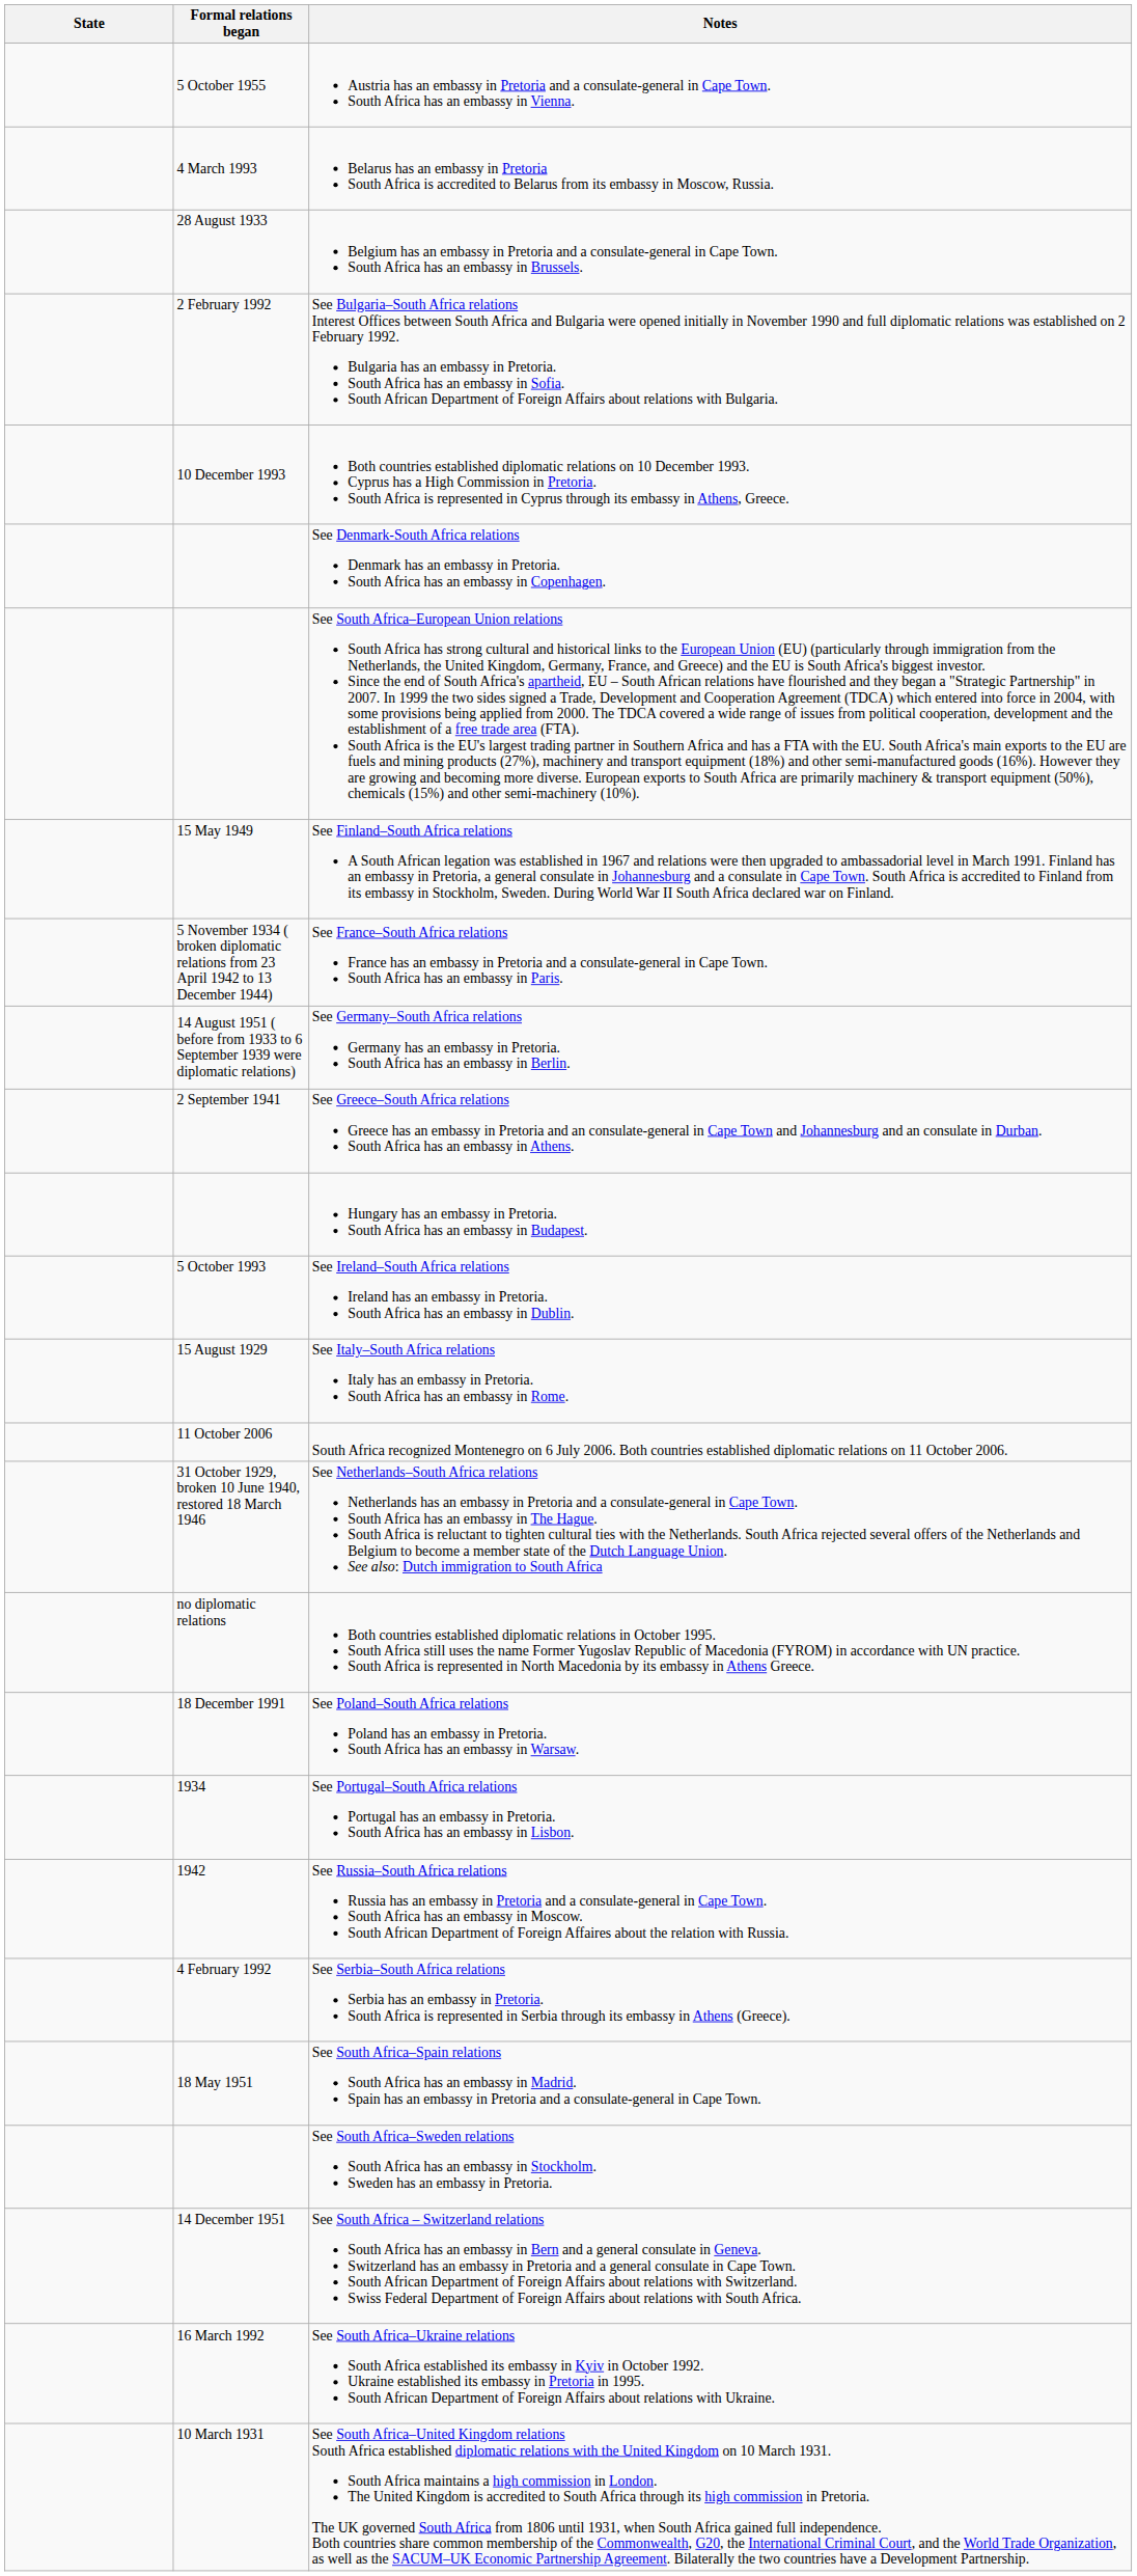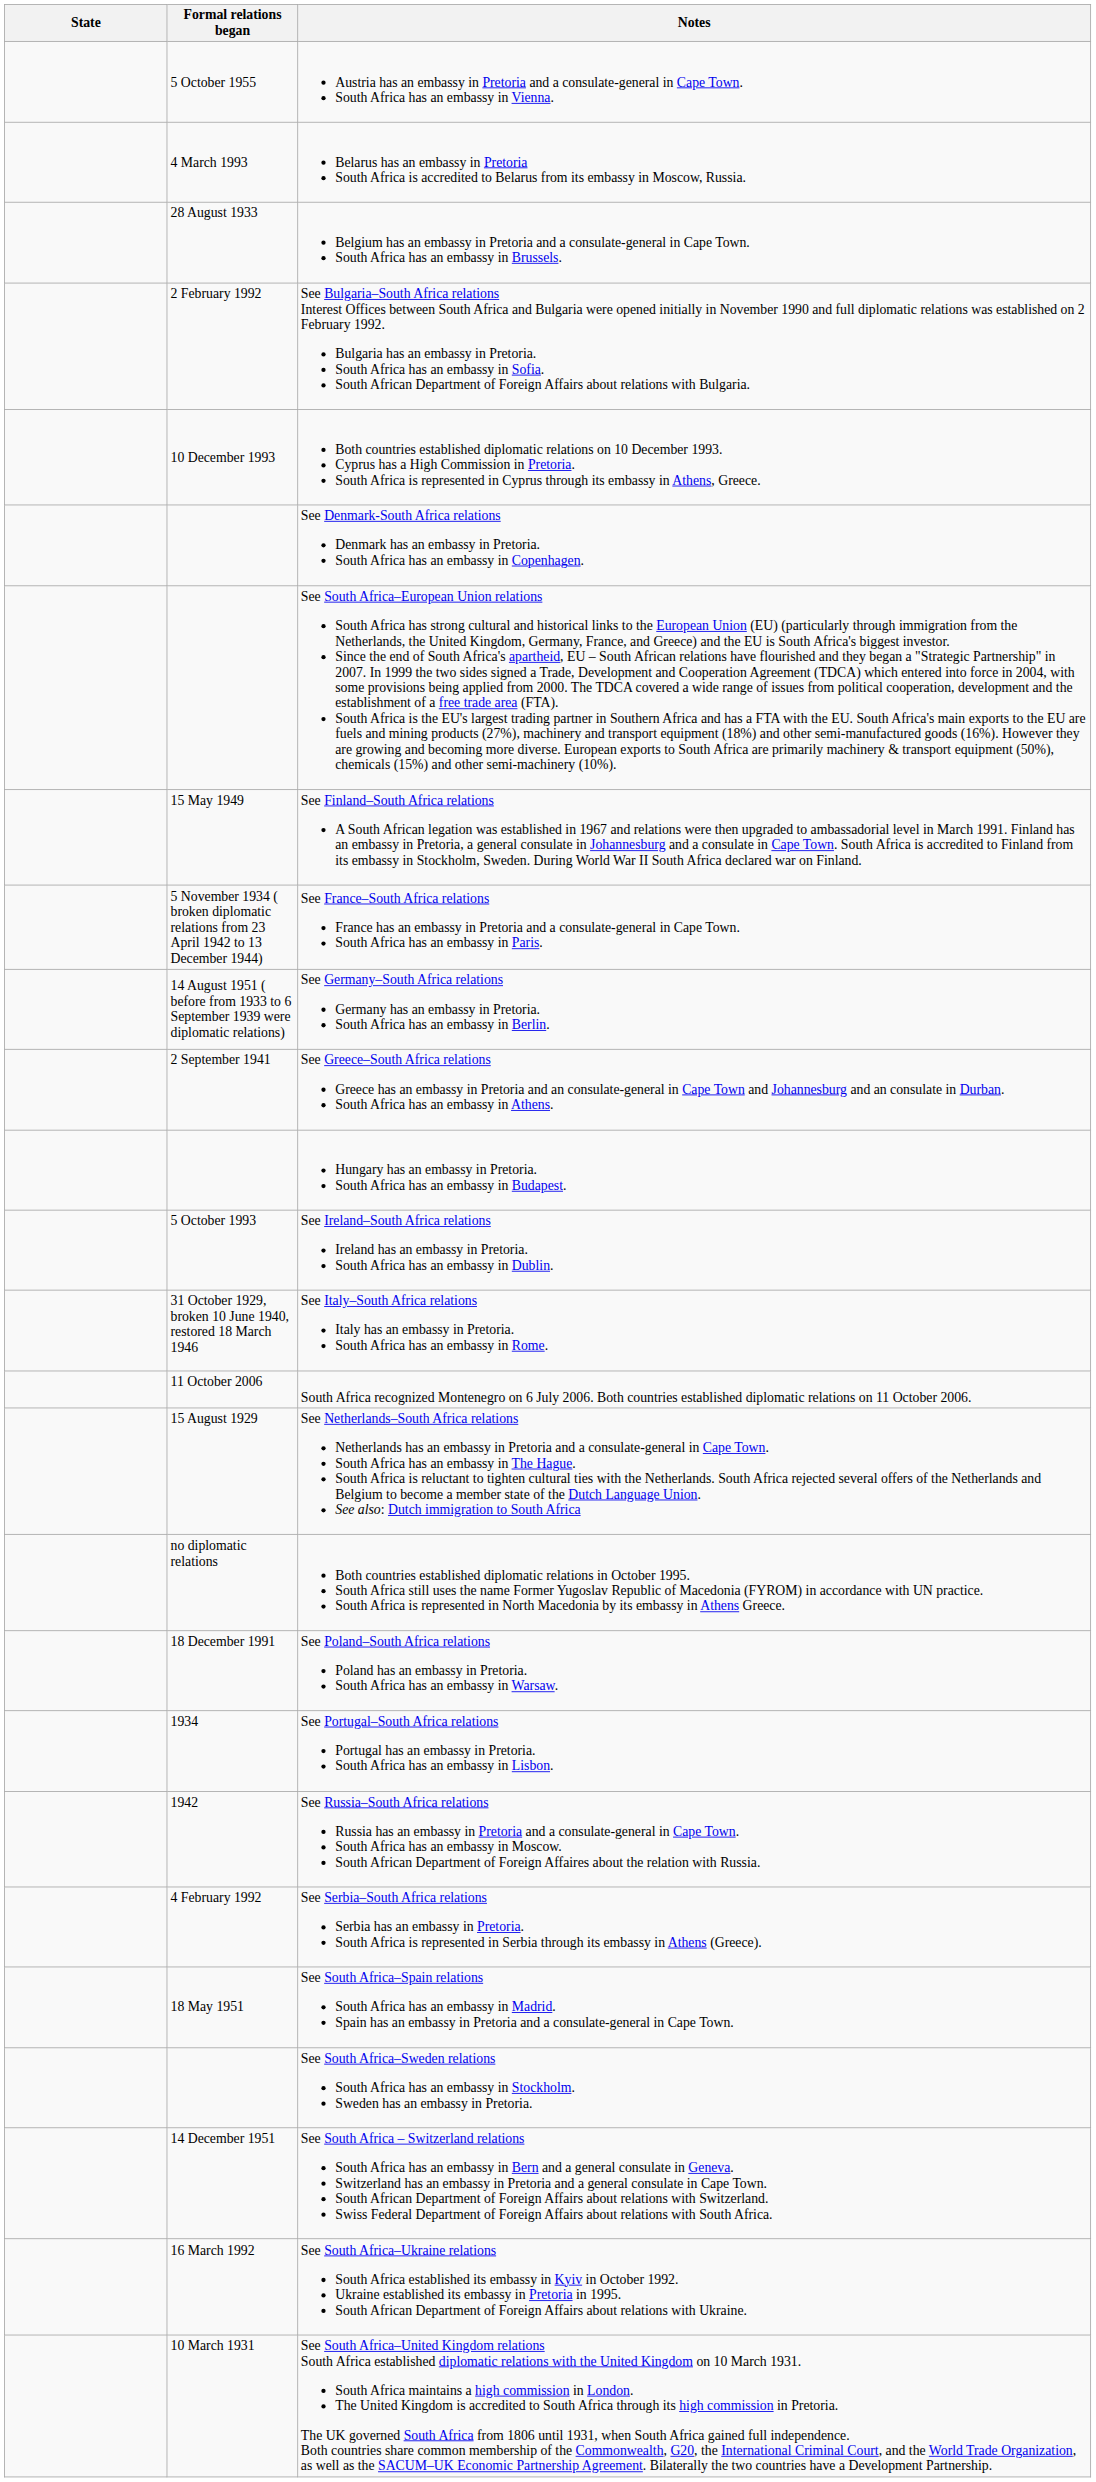 <table class="wikitable sortable" style="width:100%; margin:auto;">
 <tr>
 <th style="width:15%;">State</th>
 <th style="width:12%;">Formal relations began</th>
 <th>Notes</th>
 </tr>
 <tr -valign="top">
 <td></td>
 <td>5 October 1955</td>
 <td><br><ul><li>Austria has an embassy in <a href='#'>Pretoria</a> and a consulate-general in <a href='#'>Cape Town</a>.</li><li>South Africa has an embassy in <a href='#'>Vienna</a>.</li></ul></td>
 </tr>
 <tr -valign="top">
 <td></td>
 <td>4 March 1993</td>
 <td><br><ul><li>Belarus has an embassy in <a href='#'>Pretoria</a></li><li>South Africa is accredited to Belarus from its embassy in Moscow, Russia.</li></ul></td>
 </tr>
 <tr valign="top">
 <td></td>
 <td>28 August 1933</td>
 <td><br><ul><li>Belgium has an embassy in Pretoria and a consulate-general in Cape Town.</li><li>South Africa has an embassy in <a href='#'>Brussels</a>.</li></ul></td>
 </tr>
 <tr valign="top">
 <td></td>
 <td>2 February 1992</td>
 <td>See <a href='#'>Bulgaria–South Africa relations</a><br>Interest Offices between South Africa and Bulgaria were opened initially in November 1990 and full diplomatic relations was established on 2 February 1992.<ul><li>Bulgaria has an embassy in Pretoria.</li><li>South Africa has an embassy in <a href='#'>Sofia</a>.</li><li>South African Department of Foreign Affairs about relations with Bulgaria.</li></ul></td>
 </tr>
 <tr -valign="top">
 <td></td>
 <td> 10 December 1993</td>
 <td><br><ul><li>Both countries established diplomatic relations on 10 December 1993.</li><li>Cyprus has a High Commission in <a href='#'>Pretoria</a>.</li><li>South Africa is represented in Cyprus through its embassy in <a href='#'>Athens</a>, Greece.</li></ul></td>
 </tr>
 <tr valign="top">
 <td></td>
 <td></td>
 <td>See <a href='#'>Denmark-South Africa relations</a><br><ul><li>Denmark has an embassy in Pretoria.</li><li>South Africa has an embassy in <a href='#'>Copenhagen</a>.</li></ul></td>
 </tr>
 <tr valign="top">
 <td></td>
 <td></td>
 <td>See <a href='#'>South Africa–European Union relations</a><br><ul><li>South Africa has strong cultural and historical links to the <a href='#'>European Union</a> (EU) (particularly through immigration from the Netherlands, the United Kingdom, Germany, France, and Greece) and the EU is South Africa's biggest investor.</li><li>Since the end of South Africa's <a href='#'>apartheid</a>, EU – South African relations have flourished and they began a "Strategic Partnership" in 2007. In 1999 the two sides signed a Trade, Development and Cooperation Agreement (TDCA) which entered into force in 2004, with some provisions being applied from 2000. The TDCA covered a wide range of issues from political cooperation, development and the establishment of a <a href='#'>free trade area</a> (FTA).</li><li>South Africa is the EU's largest trading partner in Southern Africa and has a FTA with the EU. South Africa's main exports to the EU are fuels and mining products (27%), machinery and transport equipment (18%) and other semi-manufactured goods (16%). However they are growing and becoming more diverse. European exports to South Africa are primarily machinery & transport equipment (50%), chemicals (15%) and other semi-machinery (10%).</li></ul></td>
 </tr>
 <tr valign="top">
 <td></td>
 <td>15 May 1949</td>
 <td>See <a href='#'>Finland–South Africa relations</a><br><ul><li>A South African legation was established in 1967 and relations were then upgraded to ambassadorial level in March 1991. Finland has an embassy in Pretoria, a general consulate in <a href='#'>Johannesburg</a> and a consulate in <a href='#'>Cape Town</a>. South Africa is accredited to Finland from its embassy in Stockholm, Sweden. During World War II South Africa declared war on Finland.</li></ul></td>
 </tr>
 <tr valugn="top">
 <td></td>
 <td>5 November 1934 ( broken diplomatic relations from 23 April 1942 to 13 December 1944)</td>
 <td>See <a href='#'>France–South Africa relations</a><br><ul><li>France has an embassy in Pretoria and a consulate-general in Cape Town.</li><li>South Africa has an embassy in <a href='#'>Paris</a>.</li></ul></td>
 </tr>
 <tr valugn="top">
 <td></td>
 <td>14 August 1951 ( before from 1933 to 6 September 1939 were diplomatic relations)</td>
 <td>See <a href='#'>Germany–South Africa relations</a><br><ul><li>Germany has an embassy in Pretoria.</li><li>South Africa has an embassy in <a href='#'>Berlin</a>.</li></ul></td>
 </tr>
 <tr valign="top">
 <td></td>
 <td>2 September 1941</td>
 <td>See <a href='#'>Greece–South Africa relations</a><br><ul><li>Greece has an embassy in Pretoria and an consulate-general in <a href='#'>Cape Town</a> and <a href='#'>Johannesburg</a> and an consulate in <a href='#'>Durban</a>.</li><li>South Africa has an embassy in <a href='#'>Athens</a>.</li></ul></td>
 </tr>
 <tr valign="top">
 <td></td>
 <td></td>
 <td><br><ul><li>Hungary has an embassy in Pretoria.</li><li>South Africa has an embassy in <a href='#'>Budapest</a>.</li></ul></td>
 </tr>
 <tr valign="top">
 <td></td>
 <td>5 October 1993</td>
 <td>See <a href='#'>Ireland–South Africa relations</a><br><ul><li>Ireland has an embassy in Pretoria.</li><li>South Africa has an embassy in <a href='#'>Dublin</a>.</li></ul></td>
 </tr>
 <tr valign="top">
 <td></td>
-<td>15 August 1929</td>
+<td>31 October 1929, broken 10 June 1940, restored 18 March 1946</td>
 <td>See <a href='#'>Italy–South Africa relations</a><br><ul><li>Italy has an embassy in Pretoria.</li><li>South Africa has an embassy in <a href='#'>Rome</a>.</li></ul></td>
 </tr>
 <tr valign="top">
 <td></td>
 <td>11 October 2006</td>
 <td><br>South Africa recognized Montenegro on 6 July 2006. Both countries established diplomatic relations on 11 October 2006.</td>
 </tr>
 <tr valign="top">
 <td></td>
-<td>31 October 1929, broken 10 June 1940, restored 18 March 1946</td>
+<td>15 August 1929</td>
 <td>See <a href='#'>Netherlands–South Africa relations</a><br><ul><li>Netherlands has an embassy in Pretoria and a consulate-general in <a href='#'>Cape Town</a>.</li><li>South Africa has an embassy in <a href='#'>The Hague</a>.</li><li>South Africa is reluctant to tighten cultural ties with the Netherlands. South Africa rejected several offers of the Netherlands and Belgium to become a member state of the <a href='#'>Dutch Language Union</a>.</li><li><em>See also</em>: <a href='#'>Dutch immigration to South Africa</a></li></ul></td>
 </tr>
 <tr valign="top">
 <td></td>
 <td>no diplomatic relations</td>
 <td><br><ul><li>Both countries established diplomatic relations in October 1995.</li><li>South Africa still uses the name Former Yugoslav Republic of Macedonia (FYROM) in accordance with UN practice.</li><li>South Africa is represented in North Macedonia by its embassy in <a href='#'>Athens</a> Greece.</li></ul></td>
 </tr>
 <tr valign="top">
 <td></td>
 <td>18 December 1991</td>
 <td>See <a href='#'>Poland–South Africa relations</a><br><ul><li>Poland has an embassy in Pretoria.</li><li>South Africa has an embassy in <a href='#'>Warsaw</a>.</li></ul></td>
 </tr>
 <tr valign="top">
 <td></td>
 <td>1934</td>
 <td>See <a href='#'>Portugal–South Africa relations</a><br><ul><li>Portugal has an embassy in Pretoria.</li><li>South Africa has an embassy in <a href='#'>Lisbon</a>.</li></ul></td>
 </tr>
 <tr valign="top">
 <td></td>
 <td>1942</td>
 <td>See <a href='#'>Russia–South Africa relations</a><br><ul><li>Russia has an embassy in <a href='#'>Pretoria</a> and a consulate-general in <a href='#'>Cape Town</a>.</li><li>South Africa has an embassy in Moscow.</li><li>South African Department of Foreign Affaires about the relation with Russia.</li></ul></td>
 </tr>
 <tr valign="top">
 <td></td>
 <td>4 February 1992</td>
 <td>See <a href='#'>Serbia–South Africa relations</a><br><ul><li>Serbia has an embassy in <a href='#'>Pretoria</a>.</li><li>South Africa is represented in Serbia through its embassy in <a href='#'>Athens</a> (Greece).</li></ul></td>
 </tr>
 <tr valugn="top">
 <td></td>
 <td>18 May 1951</td>
 <td>See <a href='#'>South Africa–Spain relations</a><br><ul><li>South Africa has an embassy in <a href='#'>Madrid</a>.</li><li>Spain has an embassy in Pretoria and a consulate-general in Cape Town.</li></ul></td>
 </tr>
 <tr valign="top">
 <td></td>
 <td></td>
 <td>See <a href='#'>South Africa–Sweden relations</a><br><ul><li>South Africa has an embassy in <a href='#'>Stockholm</a>.</li><li>Sweden has an embassy in Pretoria.</li></ul></td>
 </tr>
 <tr valign="top">
 <td></td>
 <td>14 December 1951</td>
 <td>See <a href='#'>South Africa – Switzerland relations</a><br><ul><li>South Africa has an embassy in <a href='#'>Bern</a> and a general consulate in <a href='#'>Geneva</a>.</li><li>Switzerland has an embassy in Pretoria and a general consulate in Cape Town.</li><li>South African Department of Foreign Affairs about relations with Switzerland.</li><li>Swiss Federal Department of Foreign Affairs about relations with South Africa.</li></ul></td>
 </tr>
 <tr valign="top">
 <td></td>
 <td>16 March 1992</td>
 <td>See <a href='#'>South Africa–Ukraine relations</a><br><ul><li>South Africa established its embassy in <a href='#'>Kyiv</a> in October 1992.</li><li>Ukraine established its embassy in <a href='#'>Pretoria</a> in 1995.</li><li>South African Department of Foreign Affairs about relations with Ukraine.</li></ul></td>
 </tr>
 <tr valign="top">
 <td></td>
 <td>10 March 1931</td>
 <td>See <a href='#'>South Africa–United Kingdom relations</a><br>South Africa established <a href='#'>diplomatic relations with the United Kingdom</a> on 10 March 1931.<ul><li>South Africa maintains a <a href='#'>high commission</a> in <a href='#'>London</a>.</li><li>The United Kingdom is accredited to South Africa through its <a href='#'>high commission</a> in Pretoria.</li></ul>The UK governed <a href='#'>South Africa</a> from 1806 until 1931, when South Africa gained full independence.<br>Both countries share common membership of the <a href='#'>Commonwealth</a>, <a href='#'>G20</a>, the <a href='#'>International Criminal Court</a>, and the <a href='#'>World Trade Organization</a>, as well as the <a href='#'>SACUM–UK Economic Partnership Agreement</a>. Bilaterally the two countries have a Development Partnership.</td>
 </tr>
 </table>
